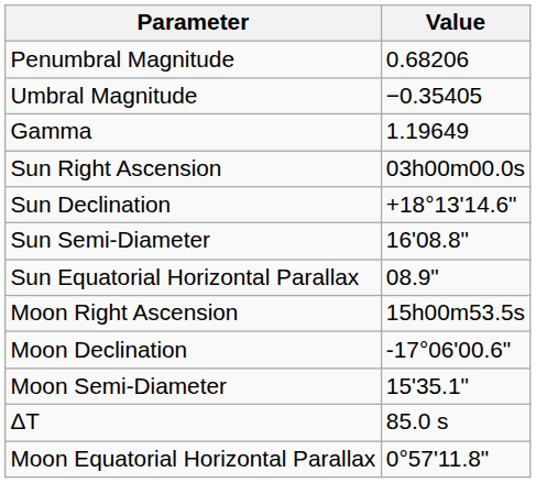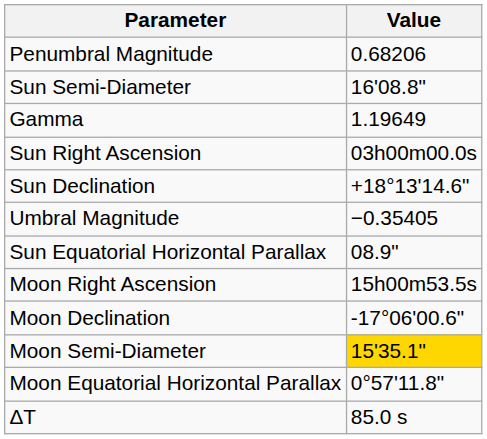 <table class="wikitable">
 <tr>
 <th>Parameter</th>
 <th>Value</th>
 </tr>
 <tr>
 <td>Penumbral Magnitude</td>
 <td>0.68206</td>
 </tr>
 <tr>
-<td>Umbral Magnitude</td>
-<td>−0.35405</td>
+<td>Sun Semi-Diameter</td>
+<td>16'08.8"</td>
 </tr>
 <tr>
 <td>Gamma</td>
 <td>1.19649</td>
 </tr>
 <tr>
 <td>Sun Right Ascension</td>
 <td>03h00m00.0s</td>
 </tr>
 <tr>
 <td>Sun Declination</td>
 <td>+18°13'14.6"</td>
 </tr>
 <tr>
-<td>Sun Semi-Diameter</td>
-<td>16'08.8"</td>
+<td>Umbral Magnitude</td>
+<td>−0.35405</td>
 </tr>
 <tr>
 <td>Sun Equatorial Horizontal Parallax</td>
 <td>08.9"</td>
 </tr>
 <tr>
 <td>Moon Right Ascension</td>
 <td>15h00m53.5s</td>
 </tr>
 <tr>
 <td>Moon Declination</td>
 <td>-17°06'00.6"</td>
 </tr>
 <tr>
 <td>Moon Semi-Diameter</td>
-<td>15'35.1"</td>
+<td style="background: gold;">15'35.1"</td>
+</tr>
+<tr>
+<td>Moon Equatorial Horizontal Parallax</td>
+<td>0°57'11.8"</td>
 </tr>
 <tr>
 <td>ΔT</td>
 <td>85.0 s</td>
 </tr>
-<tr>
-<td>Moon Equatorial Horizontal Parallax</td>
-<td>0°57'11.8"</td>
-</tr>
 </table>
